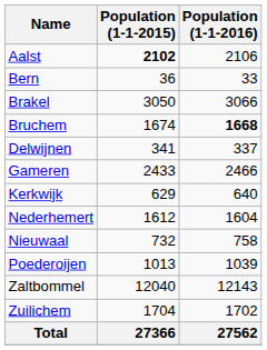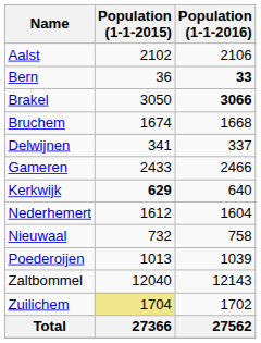 <table class="wikitable sortable">
 <tr>
 <th>Name</th>
 <th style="text-align:right">Population<br>(1-1-2015)</th>
 <th style="text-align:right">Population<br>(1-1-2016)</th>
 </tr>
 <tr>
 <td><a href='#'>Aalst</a></td>
-<td style="text-align:right"><strong>2102</strong></td>
+<td style="text-align:right">2102</td>
 <td style="text-align:right">2106</td>
 </tr>
 <tr>
 <td><a href='#'>Bern</a></td>
 <td style="text-align:right">36</td>
-<td style="text-align:right">33</td>
+<td style="text-align:right"><strong>33</strong></td>
 </tr>
 <tr>
 <td><a href='#'>Brakel</a></td>
 <td style="text-align:right">3050</td>
-<td style="text-align:right">3066</td>
+<td style="text-align:right"><strong>3066</strong></td>
 </tr>
 <tr>
 <td><a href='#'>Bruchem</a></td>
 <td style="text-align:right">1674</td>
-<td style="text-align:right"><strong>1668</strong></td>
+<td style="text-align:right">1668</td>
 </tr>
 <tr>
 <td><a href='#'>Delwijnen</a></td>
 <td style="text-align:right">341</td>
 <td style="text-align:right">337</td>
 </tr>
 <tr>
 <td><a href='#'>Gameren</a></td>
 <td style="text-align:right">2433</td>
 <td style="text-align:right">2466</td>
 </tr>
 <tr>
 <td><a href='#'>Kerkwijk</a></td>
-<td style="text-align:right">629</td>
+<td style="text-align:right"><strong>629</strong></td>
 <td style="text-align:right">640</td>
 </tr>
 <tr>
 <td><a href='#'>Nederhemert</a></td>
 <td style="text-align:right">1612</td>
 <td style="text-align:right">1604</td>
 </tr>
 <tr>
 <td><a href='#'>Nieuwaal</a></td>
 <td style="text-align:right">732</td>
 <td style="text-align:right">758</td>
 </tr>
 <tr>
 <td><a href='#'>Poederoijen</a></td>
 <td style="text-align:right">1013</td>
 <td style="text-align:right">1039</td>
 </tr>
 <tr>
 <td>Zaltbommel</td>
 <td style="text-align:right">12040</td>
 <td style="text-align:right">12143</td>
 </tr>
 <tr>
 <td><a href='#'>Zuilichem</a></td>
-<td style="text-align:right">1704</td>
+<td style="background: khaki; text-align:right">1704</td>
 <td style="text-align:right">1702</td>
 </tr>
 <tr>
 <th>Total</th>
 <th style="text-align:right"><strong>27366</strong></th>
 <th style="text-align:right"><strong>27562</strong></th>
 </tr>
 <tr>
 </tr>
 </table>
